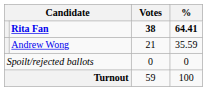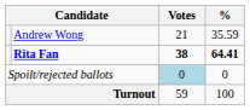 <table class=wikitable style="font-size: 90%;">
 <tr>
 <th colspan="2">Candidate</th>
 <th style="width: 50px">Votes</th>
 <th style="width: 40px">%</th>
 </tr>
 <tr>
 <th style="background-color: "></th>
+<td style="width: 170px"><a href='#'>Andrew Wong</a></td>
+<td align="center">21</td>
+<td align="center">35.59</td>
+</tr>
+<tr>
+<th style="background-color: "></th>
 <td style="width: 170px"><strong><a href='#'>Rita Fan</a></strong> </td>
 <td align="center"><strong>38</strong></td>
 <td align="center"><strong>64.41</strong></td>
 </tr>
 <tr>
-<th style="background-color: "></th>
-<td style="width: 170px"><a href='#'>Andrew Wong</a></td>
-<td align="center">21</td>
-<td align="center">35.59</td>
-</tr>
-<tr>
 <td colspan="2"><em>Spoilt/rejected ballots</em></td>
-<td align="center">0</td>
+<td align="center" style="background: lightblue;">0</td>
 <td align="center">0</td>
 </tr>
 <tr>
 <th colspan="2" style="text-align:right">Turnout</th>
 <td align="center">59</td>
 <td align="center">100</td>
 </tr>
 </table>
